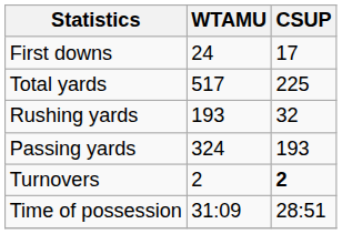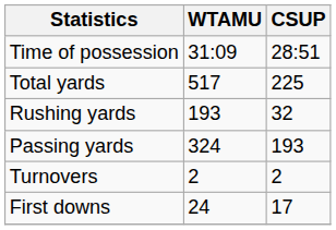 <table class="wikitable">
 <tr>
 <th>Statistics</th>
 <th>WTAMU</th>
 <th>CSUP</th>
 </tr>
 <tr>
-<td>First downs</td>
-<td>24</td>
-<td>17</td>
+<td>Time of possession</td>
+<td>31:09</td>
+<td>28:51</td>
 </tr>
 <tr>
 <td>Total yards</td>
 <td>517</td>
 <td>225</td>
 </tr>
 <tr>
 <td>Rushing yards</td>
 <td>193</td>
 <td>32</td>
 </tr>
 <tr>
 <td>Passing yards</td>
 <td>324</td>
 <td>193</td>
 </tr>
 <tr>
 <td>Turnovers</td>
 <td>2</td>
-<td><strong>2</strong></td>
+<td>2</td>
 </tr>
 <tr>
-<td>Time of possession</td>
-<td>31:09</td>
-<td>28:51</td>
+<td>First downs</td>
+<td>24</td>
+<td>17</td>
 </tr>
 <tr>
 </tr>
 </table>
